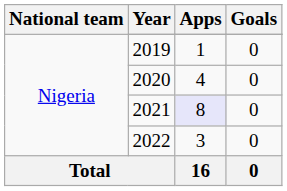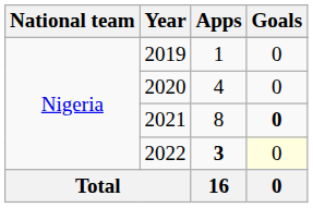 <table class="wikitable" style="text-align:center">
 <tr>
 <th>National team</th>
 <th>Year</th>
 <th>Apps</th>
 <th>Goals</th>
 </tr>
 <tr>
 <td rowspan="5"><a href='#'>Nigeria</a></td>
 </tr>
 <tr>
 <td>2019</td>
 <td>1</td>
 <td>0</td>
 </tr>
 <tr>
 <td>2020</td>
 <td>4</td>
 <td>0</td>
 </tr>
 <tr>
 <td>2021</td>
-<td style="background: lavender;">8</td>
-<td>0</td>
+<td>8</td>
+<td><strong>0</strong></td>
 </tr>
 <tr>
 <td>2022</td>
-<td>3</td>
-<td>0</td>
+<td><strong>3</strong></td>
+<td style="background: lightyellow;">0</td>
 </tr>
 <tr>
 <th colspan="2">Total</th>
 <th>16</th>
 <th>0</th>
 </tr>
 </table>
